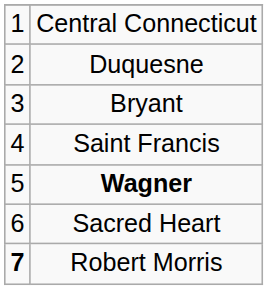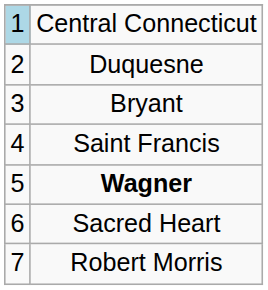 <table class="wikitable">
 <tr align="center">
 </tr>
 <tr align="center">
-<td>1</td>
+<td style="background: lightblue;">1</td>
 <td>Central Connecticut</td>
 </tr>
 <tr align="center">
 <td>2</td>
 <td>Duquesne</td>
 </tr>
 <tr align="center">
 <td>3</td>
 <td>Bryant</td>
 </tr>
 <tr align="center">
 <td>4</td>
 <td>Saint Francis</td>
 </tr>
 <tr align="center">
 <td>5</td>
 <td><strong>Wagner</strong></td>
 </tr>
 <tr align="center">
 <td>6</td>
 <td>Sacred Heart</td>
 </tr>
 <tr align="center">
-<td><strong>7</strong></td>
+<td>7</td>
 <td>Robert Morris</td>
 </tr>
 </table>
